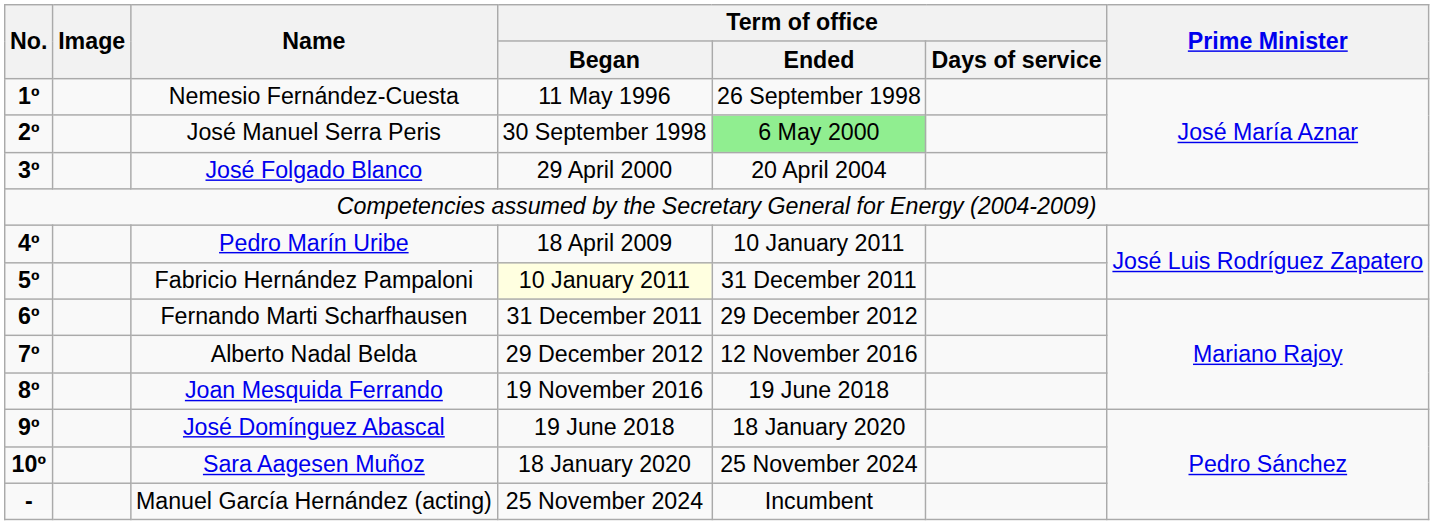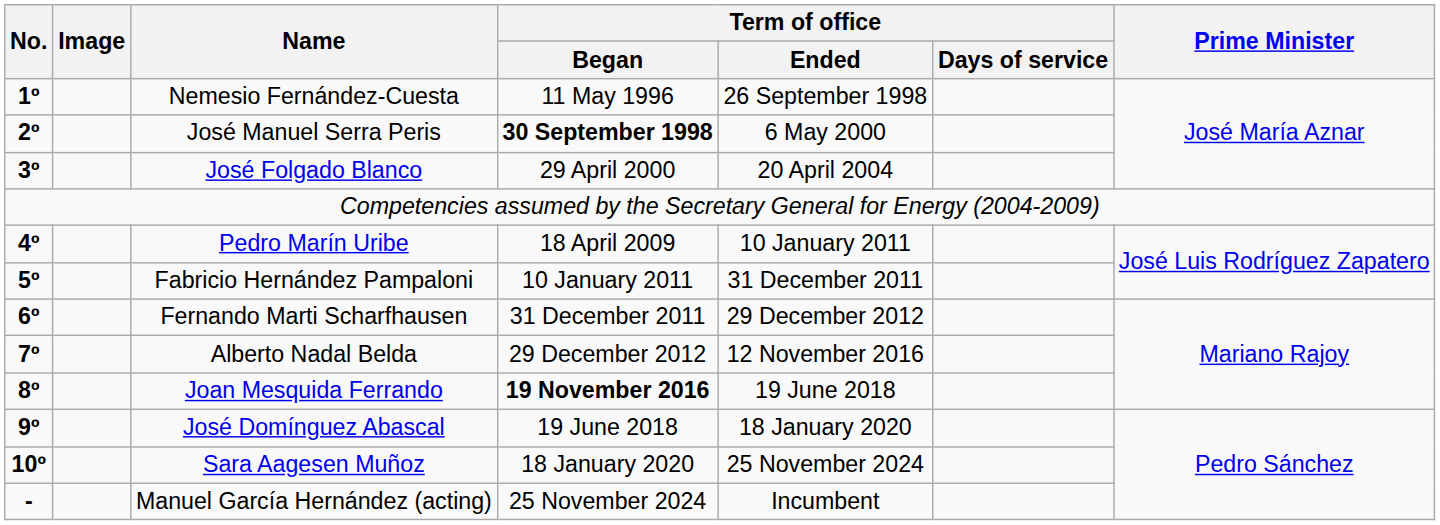 <table class="wikitable sortable" style="clear:right; text-align:center">
 <tr>
 <th rowspan="2">No.</th>
 <th rowspan="2">Image</th>
 <th rowspan="2">Name</th>
 <th colspan="3">Term of office</th>
 <th rowspan="2"><a href='#'>Prime Minister</a></th>
 </tr>
 <tr>
 <th>Began</th>
 <th>Ended</th>
 <th>Days of service</th>
 </tr>
 <tr>
 <td><strong>1º</strong></td>
 <td></td>
 <td>Nemesio Fernández-Cuesta</td>
 <td>11 May 1996</td>
 <td>26 September 1998</td>
 <td></td>
 <td rowspan="3"><a href='#'>José María Aznar</a></td>
 </tr>
 <tr>
 <td><strong>2º</strong></td>
 <td></td>
 <td>José Manuel Serra Peris</td>
-<td>30 September 1998</td>
-<td style="background: lightgreen;">6 May 2000</td>
+<td><strong>30 September 1998</strong></td>
+<td>6 May 2000</td>
 <td></td>
 </tr>
 <tr>
 <td><strong>3º</strong></td>
 <td></td>
 <td><a href='#'>José Folgado Blanco</a></td>
 <td>29 April 2000</td>
 <td>20 April 2004</td>
 <td></td>
 </tr>
 <tr>
 <td style="text-align:center;" colspan="7"><em>Competencies assumed by the Secretary General for Energy (2004-2009)</em></td>
 </tr>
 <tr>
 <td><strong>4º</strong></td>
 <td></td>
 <td><a href='#'>Pedro Marín Uribe</a></td>
 <td>18 April 2009</td>
 <td>10 January 2011</td>
 <td></td>
 <td rowspan="2"><a href='#'>José Luis Rodríguez Zapatero</a></td>
 </tr>
 <tr>
 <td><strong>5º</strong></td>
 <td></td>
 <td>Fabricio Hernández Pampaloni</td>
-<td style="background: lightyellow;">10 January 2011</td>
+<td>10 January 2011</td>
 <td>31 December 2011</td>
 <td></td>
 </tr>
 <tr>
 <td><strong>6º</strong></td>
 <td></td>
 <td>Fernando Marti Scharfhausen</td>
 <td>31 December 2011</td>
 <td>29 December 2012</td>
 <td></td>
 <td rowspan="3"><a href='#'>Mariano Rajoy</a></td>
 </tr>
 <tr>
 <td><strong>7º</strong></td>
 <td></td>
 <td>Alberto Nadal Belda</td>
 <td>29 December 2012</td>
 <td>12 November 2016</td>
 <td></td>
 </tr>
 <tr>
 <td><strong>8º</strong></td>
 <td></td>
 <td><a href='#'>Joan Mesquida Ferrando</a></td>
-<td>19 November 2016</td>
+<td><strong>19 November 2016</strong></td>
 <td>19 June 2018</td>
 <td></td>
 </tr>
 <tr>
 <td><strong>9º</strong></td>
 <td></td>
 <td><a href='#'>José Domínguez Abascal</a></td>
 <td>19 June 2018</td>
 <td>18 January 2020</td>
 <td></td>
 <td rowspan="3"><a href='#'>Pedro Sánchez</a></td>
 </tr>
 <tr>
 <td><strong>10º</strong></td>
 <td></td>
 <td><a href='#'>Sara Aagesen Muñoz</a></td>
 <td>18 January 2020</td>
 <td>25 November 2024</td>
 <td></td>
 </tr>
 <tr>
 <td><strong>-</strong></td>
 <td></td>
 <td>Manuel García Hernández (acting)</td>
 <td>25 November 2024</td>
 <td>Incumbent</td>
 <td></td>
 </tr>
 </table>
